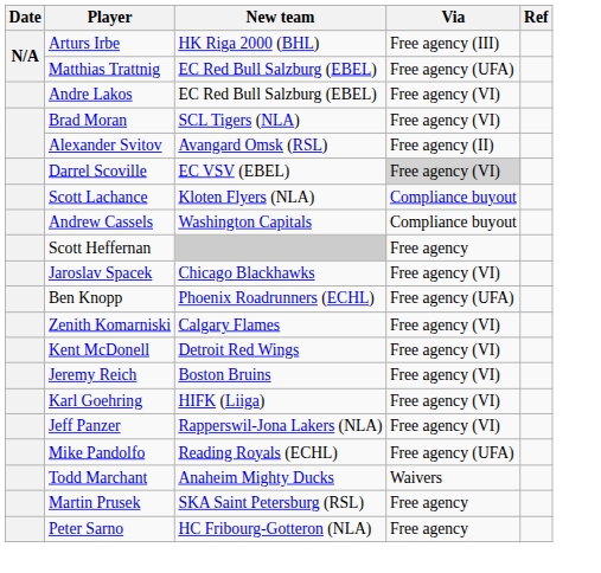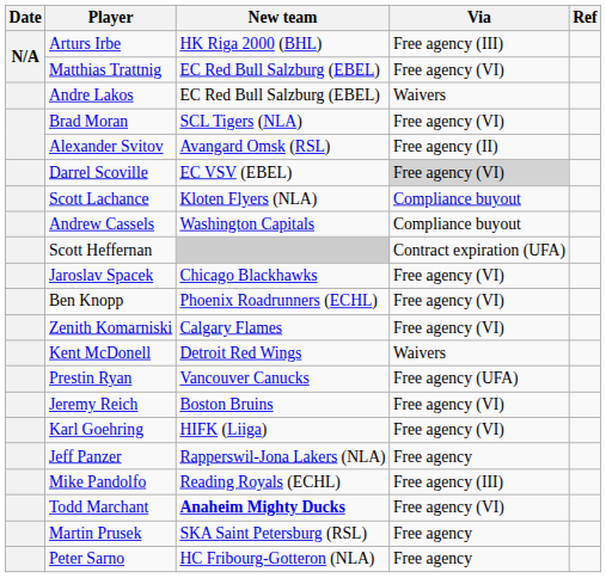 <table class="wikitable plainrowheaders">
 <tr style="background:#ddd; text-align:center;">
 <th>Date</th>
 <th>Player</th>
 <th>New team</th>
 <th>Via</th>
 <th>Ref</th>
 </tr>
 <tr>
 <th scope="row" rowspan=2>N/A</th>
 <td><a href='#'>Arturs Irbe</a></td>
 <td><a href='#'>HK Riga 2000</a> (<a href='#'>BHL</a>)</td>
 <td>Free agency (III)</td>
 <td></td>
 </tr>
 <tr>
 <td><a href='#'>Matthias Trattnig</a></td>
 <td><a href='#'>EC Red Bull Salzburg</a> (<a href='#'>EBEL</a>)</td>
-<td>Free agency (UFA)</td>
+<td>Free agency (VI)</td>
 <td></td>
 </tr>
 <tr>
 <th scope="row"></th>
 <td><a href='#'>Andre Lakos</a></td>
 <td>EC Red Bull Salzburg (EBEL)</td>
-<td>Free agency (VI)</td>
+<td>Waivers</td>
 <td></td>
 </tr>
 <tr>
 <th scope="row" rowspan=2></th>
 <td><a href='#'>Brad Moran</a></td>
 <td><a href='#'>SCL Tigers</a> (<a href='#'>NLA</a>)</td>
 <td>Free agency (VI)</td>
 <td></td>
 </tr>
 <tr>
 <td><a href='#'>Alexander Svitov</a></td>
 <td><a href='#'>Avangard Omsk</a> (<a href='#'>RSL</a>)</td>
 <td>Free agency (II)</td>
 <td></td>
 </tr>
 <tr>
 <th scope="row"></th>
 <td><a href='#'>Darrel Scoville</a></td>
 <td><a href='#'>EC VSV</a> (EBEL)</td>
 <td style="background: lightgrey;">Free agency (VI)</td>
 <td></td>
 </tr>
 <tr>
 <th scope="row"></th>
 <td><a href='#'>Scott Lachance</a></td>
 <td><a href='#'>Kloten Flyers</a> (NLA)</td>
 <td><a href='#'>Compliance buyout</a></td>
 <td></td>
 </tr>
 <tr>
 <th scope="row"></th>
 <td><a href='#'>Andrew Cassels</a></td>
 <td><a href='#'>Washington Capitals</a></td>
 <td>Compliance buyout</td>
 <td></td>
 </tr>
 <tr>
 <th scope="row"></th>
 <td>Scott Heffernan</td>
 <td style="background:#ccc"></td>
-<td>Free agency</td>
+<td>Contract expiration (UFA)</td>
 <td></td>
 </tr>
 <tr>
 <th scope="row"></th>
 <td><a href='#'>Jaroslav Spacek</a></td>
 <td><a href='#'>Chicago Blackhawks</a></td>
 <td>Free agency (VI)</td>
 <td></td>
 </tr>
 <tr>
 <th scope="row"></th>
 <td>Ben Knopp</td>
 <td><a href='#'>Phoenix Roadrunners</a> (<a href='#'>ECHL</a>)</td>
-<td>Free agency (UFA)</td>
+<td>Free agency (VI)</td>
 <td></td>
 </tr>
 <tr>
 <th scope="row"></th>
 <td><a href='#'>Zenith Komarniski</a></td>
 <td><a href='#'>Calgary Flames</a></td>
 <td>Free agency (VI)</td>
 <td></td>
 </tr>
 <tr>
 <th scope="row"></th>
 <td><a href='#'>Kent McDonell</a></td>
 <td><a href='#'>Detroit Red Wings</a></td>
-<td>Free agency (VI)</td>
+<td>Waivers</td>
+<td></td>
+</tr>
+<tr>
+<th scope="row"></th>
+<td><a href='#'>Prestin Ryan</a></td>
+<td><a href='#'>Vancouver Canucks</a></td>
+<td>Free agency (UFA)</td>
 <td></td>
 </tr>
 <tr>
 <th scope="row"></th>
 <td><a href='#'>Jeremy Reich</a></td>
 <td><a href='#'>Boston Bruins</a></td>
 <td>Free agency (VI)</td>
 <td></td>
 </tr>
 <tr>
 <th scope="row"></th>
 <td><a href='#'>Karl Goehring</a></td>
 <td><a href='#'>HIFK</a> (<a href='#'>Liiga</a>)</td>
 <td>Free agency (VI)</td>
 <td></td>
 </tr>
 <tr>
 <th scope="row"></th>
 <td><a href='#'>Jeff Panzer</a></td>
 <td><a href='#'>Rapperswil-Jona Lakers</a> (NLA)</td>
-<td>Free agency (VI)</td>
+<td>Free agency</td>
 <td></td>
 </tr>
 <tr>
 <th scope="row"></th>
 <td><a href='#'>Mike Pandolfo</a></td>
 <td><a href='#'>Reading Royals</a> (ECHL)</td>
-<td>Free agency (UFA)</td>
+<td>Free agency (III)</td>
 <td></td>
 </tr>
 <tr>
 <th scope="row"></th>
 <td><a href='#'>Todd Marchant</a></td>
-<td><a href='#'>Anaheim Mighty Ducks</a></td>
-<td>Waivers</td>
+<td><strong><a href='#'>Anaheim Mighty Ducks</a></strong></td>
+<td>Free agency (VI)</td>
 <td></td>
 </tr>
 <tr>
 <th scope="row"></th>
 <td><a href='#'>Martin Prusek</a></td>
 <td><a href='#'>SKA Saint Petersburg</a> (RSL)</td>
 <td>Free agency</td>
 <td></td>
 </tr>
 <tr>
 <th scope="row"></th>
 <td><a href='#'>Peter Sarno</a></td>
 <td><a href='#'>HC Fribourg-Gotteron</a> (NLA)</td>
 <td>Free agency</td>
 <td></td>
 </tr>
 </table>
